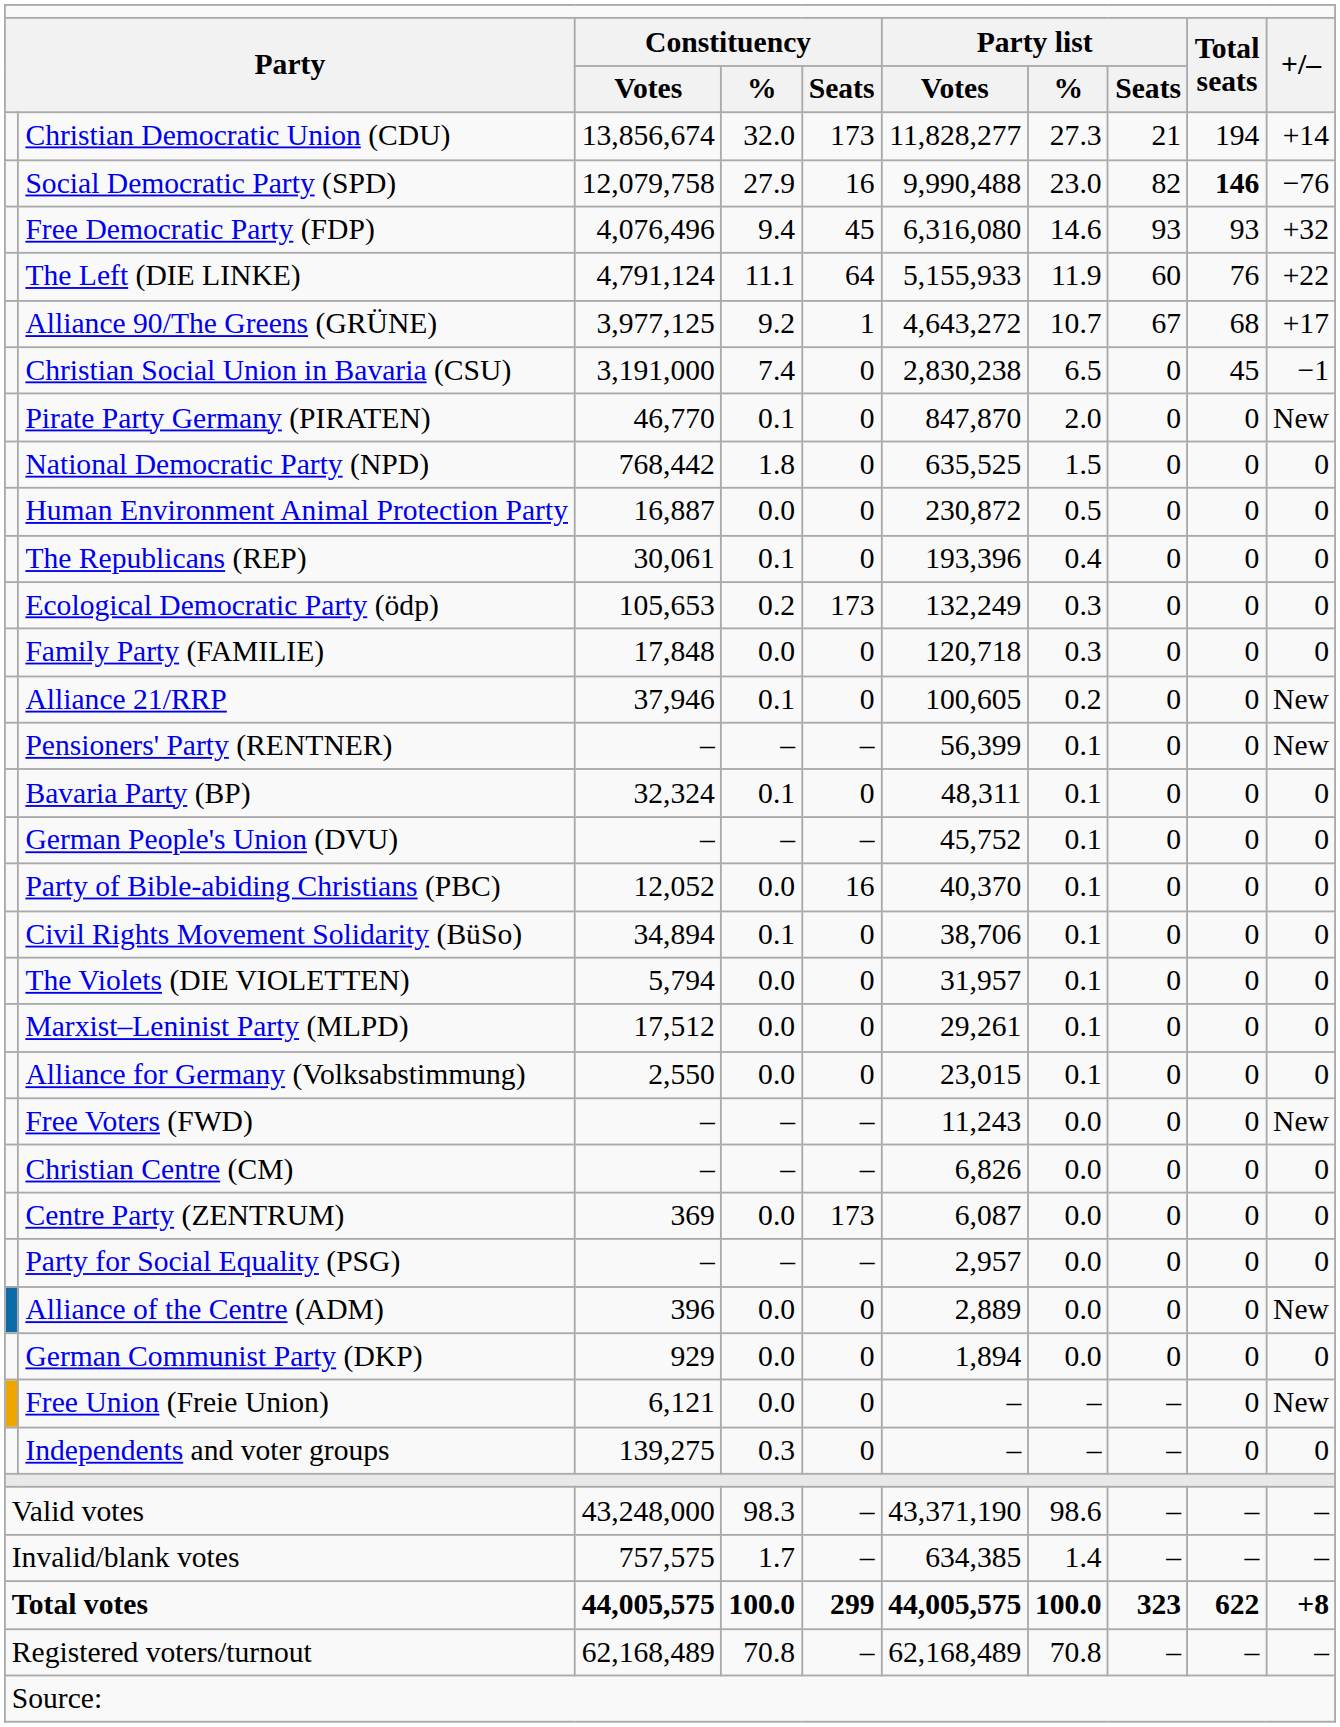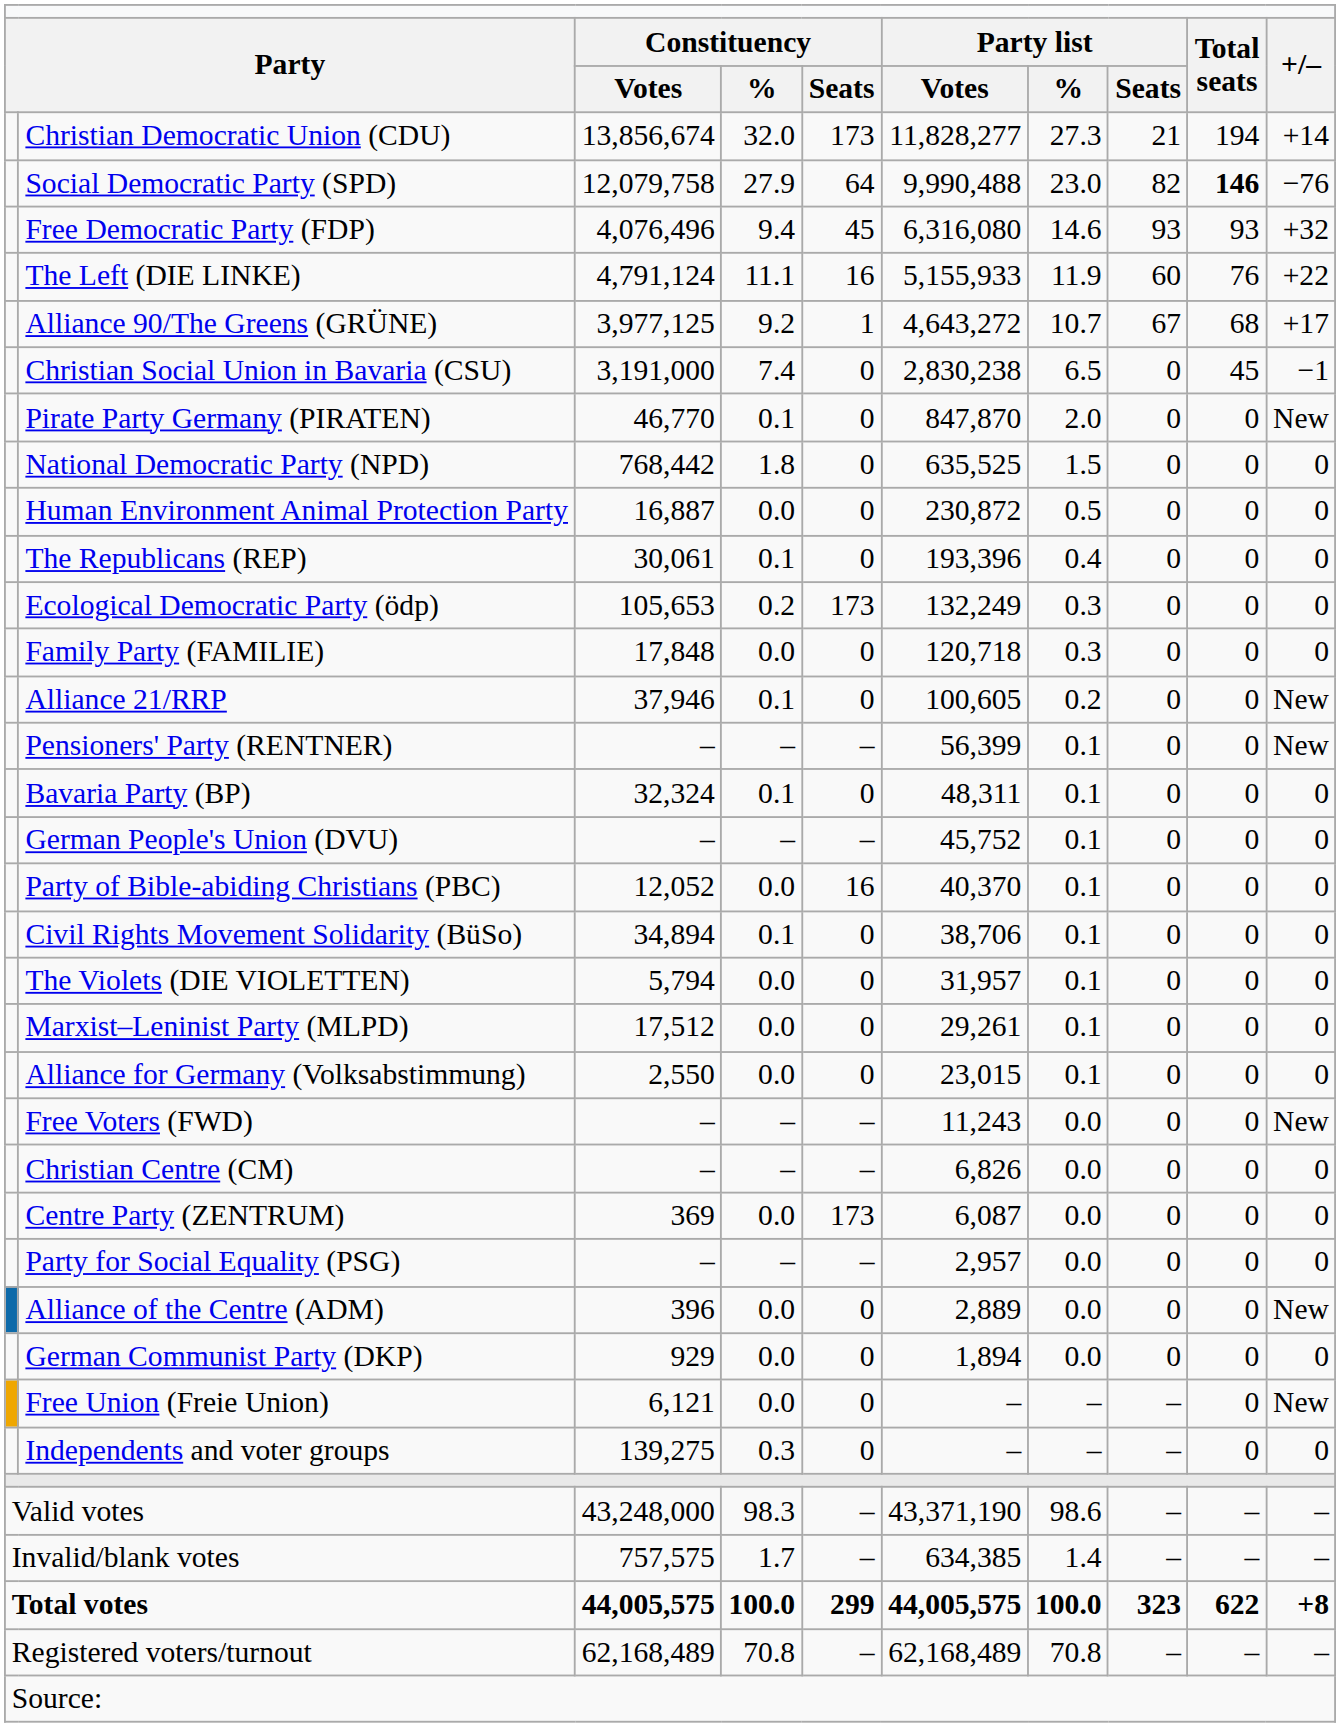 <table class="wikitable sortable" style="text-align:right">
 <tr>
 <th colspan="15" style="background:#F8F9FA;"></th>
 </tr>
 <tr>
 <th colspan="2" rowspan="2">Party</th>
 <th colspan="3">Constituency</th>
 <th colspan="3">Party list</th>
 <th rowspan="2">Total<br>seats</th>
 <th rowspan="2">+/–</th>
 </tr>
 <tr>
 <th>Votes</th>
 <th>%</th>
 <th>Seats</th>
 <th>Votes</th>
 <th>%</th>
 <th>Seats</th>
 </tr>
 <tr>
 <td></td>
 <td align="left"><a href='#'>Christian Democratic Union</a> (CDU)</td>
 <td>13,856,674</td>
 <td>32.0</td>
 <td>173</td>
 <td>11,828,277</td>
 <td>27.3</td>
 <td>21</td>
 <td>194</td>
 <td>+14</td>
 </tr>
 <tr>
 <td></td>
 <td align="left"><a href='#'>Social Democratic Party</a> (SPD)</td>
 <td>12,079,758</td>
 <td>27.9</td>
-<td>16</td>
+<td>64</td>
 <td>9,990,488</td>
 <td>23.0</td>
 <td>82</td>
 <td><strong>146</strong></td>
 <td>−76</td>
 </tr>
 <tr>
 <td></td>
 <td align="left"><a href='#'>Free Democratic Party</a> (FDP)</td>
 <td>4,076,496</td>
 <td>9.4</td>
 <td>45</td>
 <td>6,316,080</td>
 <td>14.6</td>
 <td>93</td>
 <td>93</td>
 <td>+32</td>
 </tr>
 <tr>
 <td></td>
 <td align="left"><a href='#'>The Left</a> (DIE LINKE)</td>
 <td>4,791,124</td>
 <td>11.1</td>
-<td>64</td>
+<td>16</td>
 <td>5,155,933</td>
 <td>11.9</td>
 <td>60</td>
 <td>76</td>
 <td>+22</td>
 </tr>
 <tr>
 <td></td>
 <td align="left"><a href='#'>Alliance 90/The Greens</a> (GRÜNE)</td>
 <td>3,977,125</td>
 <td>9.2</td>
 <td>1</td>
 <td>4,643,272</td>
 <td>10.7</td>
 <td>67</td>
 <td>68</td>
 <td>+17</td>
 </tr>
 <tr>
 <td></td>
 <td align="left"><a href='#'>Christian Social Union in Bavaria</a> (CSU)</td>
 <td>3,191,000</td>
 <td>7.4</td>
 <td>0</td>
 <td>2,830,238</td>
 <td>6.5</td>
 <td>0</td>
 <td>45</td>
 <td>−1</td>
 </tr>
 <tr>
 <td style="background-color:"></td>
 <td align="left"><a href='#'>Pirate Party Germany</a> (PIRATEN)</td>
 <td>46,770</td>
 <td>0.1</td>
 <td>0</td>
 <td>847,870</td>
 <td>2.0</td>
 <td>0</td>
 <td>0</td>
 <td>New</td>
 </tr>
 <tr>
 <td style="background-color:"></td>
 <td align="left"><a href='#'>National Democratic Party</a> (NPD)</td>
 <td>768,442</td>
 <td>1.8</td>
 <td>0</td>
 <td>635,525</td>
 <td>1.5</td>
 <td>0</td>
 <td>0</td>
 <td>0</td>
 </tr>
 <tr>
 <td style="background-color:"></td>
 <td align="left"><a href='#'>Human Environment Animal Protection Party</a></td>
 <td>16,887</td>
 <td>0.0</td>
 <td>0</td>
 <td>230,872</td>
 <td>0.5</td>
 <td>0</td>
 <td>0</td>
 <td>0</td>
 </tr>
 <tr>
 <td style="background-color:"></td>
 <td align="left"><a href='#'>The Republicans</a> (REP)</td>
 <td>30,061</td>
 <td>0.1</td>
 <td>0</td>
 <td>193,396</td>
 <td>0.4</td>
 <td>0</td>
 <td>0</td>
 <td>0</td>
 </tr>
 <tr>
 <td style="background-color:"></td>
 <td align="left"><a href='#'>Ecological Democratic Party</a> (ödp)</td>
 <td>105,653</td>
 <td>0.2</td>
 <td>173</td>
 <td>132,249</td>
 <td>0.3</td>
 <td>0</td>
 <td>0</td>
 <td>0</td>
 </tr>
 <tr>
 <td style="background-color:"></td>
 <td align="left"><a href='#'>Family Party</a> (FAMILIE)</td>
 <td>17,848</td>
 <td>0.0</td>
 <td>0</td>
 <td>120,718</td>
 <td>0.3</td>
 <td>0</td>
 <td>0</td>
 <td>0</td>
 </tr>
 <tr>
 <td style="background-color:"></td>
 <td align="left"><a href='#'>Alliance 21/RRP</a></td>
 <td>37,946</td>
 <td>0.1</td>
 <td>0</td>
 <td>100,605</td>
 <td>0.2</td>
 <td>0</td>
 <td>0</td>
 <td>New</td>
 </tr>
 <tr>
 <td style="background-color:"></td>
 <td align="left"><a href='#'>Pensioners' Party</a> (RENTNER)</td>
 <td>–</td>
 <td>–</td>
 <td>–</td>
 <td>56,399</td>
 <td>0.1</td>
 <td>0</td>
 <td>0</td>
 <td>New</td>
 </tr>
 <tr>
 <td style="background-color:"></td>
 <td align="left"><a href='#'>Bavaria Party</a> (BP)</td>
 <td>32,324</td>
 <td>0.1</td>
 <td>0</td>
 <td>48,311</td>
 <td>0.1</td>
 <td>0</td>
 <td>0</td>
 <td>0</td>
 </tr>
 <tr>
 <td style="background-color:"></td>
 <td align="left"><a href='#'>German People's Union</a> (DVU)</td>
 <td>–</td>
 <td>–</td>
 <td>–</td>
 <td>45,752</td>
 <td>0.1</td>
 <td>0</td>
 <td>0</td>
 <td>0</td>
 </tr>
 <tr>
 <td style="background-color:"></td>
 <td align="left"><a href='#'>Party of Bible-abiding Christians</a> (PBC)</td>
 <td>12,052</td>
 <td>0.0</td>
 <td>16</td>
 <td>40,370</td>
 <td>0.1</td>
 <td>0</td>
 <td>0</td>
 <td>0</td>
 </tr>
 <tr>
 <td style="background-color:"></td>
 <td align="left"><a href='#'>Civil Rights Movement Solidarity</a> (BüSo)</td>
 <td>34,894</td>
 <td>0.1</td>
 <td>0</td>
 <td>38,706</td>
 <td>0.1</td>
 <td>0</td>
 <td>0</td>
 <td>0</td>
 </tr>
 <tr>
 <td style="background-color:"></td>
 <td align="left"><a href='#'>The Violets</a> (DIE VIOLETTEN)</td>
 <td>5,794</td>
 <td>0.0</td>
 <td>0</td>
 <td>31,957</td>
 <td>0.1</td>
 <td>0</td>
 <td>0</td>
 <td>0</td>
 </tr>
 <tr>
 <td style="background-color:"></td>
 <td align="left"><a href='#'>Marxist–Leninist Party</a> (MLPD)</td>
 <td>17,512</td>
 <td>0.0</td>
 <td>0</td>
 <td>29,261</td>
 <td>0.1</td>
 <td>0</td>
 <td>0</td>
 <td>0</td>
 </tr>
 <tr>
 <td style="background-color:"></td>
 <td align="left"><a href='#'>Alliance for Germany</a> (Volksabstimmung)</td>
 <td>2,550</td>
 <td>0.0</td>
 <td>0</td>
 <td>23,015</td>
 <td>0.1</td>
 <td>0</td>
 <td>0</td>
 <td>0</td>
 </tr>
 <tr>
 <td style="background-color:"></td>
 <td align="left"><a href='#'>Free Voters</a> (FWD)</td>
 <td>–</td>
 <td>–</td>
 <td>–</td>
 <td>11,243</td>
 <td>0.0</td>
 <td>0</td>
 <td>0</td>
 <td>New</td>
 </tr>
 <tr>
 <td style="background-color:"></td>
 <td align="left"><a href='#'>Christian Centre</a> (CM)</td>
 <td>–</td>
 <td>–</td>
 <td>–</td>
 <td>6,826</td>
 <td>0.0</td>
 <td>0</td>
 <td>0</td>
 <td>0</td>
 </tr>
 <tr>
 <td style="background-color:"></td>
 <td align="left"><a href='#'>Centre Party</a> (ZENTRUM)</td>
 <td>369</td>
 <td>0.0</td>
 <td>173</td>
 <td>6,087</td>
 <td>0.0</td>
 <td>0</td>
 <td>0</td>
 <td>0</td>
 </tr>
 <tr>
 <td style="background-color:"></td>
 <td align="left"><a href='#'>Party for Social Equality</a> (PSG)</td>
 <td>–</td>
 <td>–</td>
 <td>–</td>
 <td>2,957</td>
 <td>0.0</td>
 <td>0</td>
 <td>0</td>
 <td>0</td>
 </tr>
 <tr>
 <td style="background-color:#0D6AA9"></td>
 <td align="left"><a href='#'>Alliance of the Centre</a> (ADM)</td>
 <td>396</td>
 <td>0.0</td>
 <td>0</td>
 <td>2,889</td>
 <td>0.0</td>
 <td>0</td>
 <td>0</td>
 <td>New</td>
 </tr>
 <tr>
 <td style="background-color:"></td>
 <td align="left"><a href='#'>German Communist Party</a> (DKP)</td>
 <td>929</td>
 <td>0.0</td>
 <td>0</td>
 <td>1,894</td>
 <td>0.0</td>
 <td>0</td>
 <td>0</td>
 <td>0</td>
 </tr>
 <tr>
 <td style="background-color:#EFA700"></td>
 <td align="left"><a href='#'>Free Union</a> (Freie Union)</td>
 <td>6,121</td>
 <td>0.0</td>
 <td>0</td>
 <td>–</td>
 <td>–</td>
 <td>–</td>
 <td>0</td>
 <td>New</td>
 </tr>
 <tr>
 <td style="background-color:"></td>
 <td align="left"><a href='#'>Independents</a> and voter groups</td>
 <td>139,275</td>
 <td>0.3</td>
 <td>0</td>
 <td>–</td>
 <td>–</td>
 <td>–</td>
 <td>0</td>
 <td>0</td>
 </tr>
 <tr class=sortbottom>
 <td colspan="10" style="background: #E9E9E9"></td>
 </tr>
 <tr class=sortbottom>
 <td colspan="2" align="left">Valid votes</td>
 <td>43,248,000</td>
 <td>98.3</td>
 <td>–</td>
 <td>43,371,190</td>
 <td>98.6</td>
 <td>–</td>
 <td>–</td>
 <td>–</td>
 </tr>
 <tr class=sortbottom>
 <td colspan="2" align="left">Invalid/blank votes</td>
 <td>757,575</td>
 <td>1.7</td>
 <td>–</td>
 <td>634,385</td>
 <td>1.4</td>
 <td>–</td>
 <td>–</td>
 <td>–</td>
 </tr>
 <tr class=sortbottom>
 <td colspan="2" align="left"><strong>Total votes</strong></td>
 <td><strong>44,005,575</strong></td>
 <td><strong>100.0</strong></td>
 <td><strong>299</strong></td>
 <td><strong>44,005,575</strong></td>
 <td><strong>100.0</strong></td>
 <td><strong>323</strong></td>
 <td><strong>622</strong></td>
 <td><strong>+8</strong></td>
 </tr>
 <tr class=sortbottom>
 <td colspan="2" align="left">Registered voters/turnout</td>
 <td>62,168,489</td>
 <td>70.8</td>
 <td>–</td>
 <td>62,168,489</td>
 <td>70.8</td>
 <td>–</td>
 <td>–</td>
 <td>–</td>
 </tr>
 <tr class=sortbottom>
 <td colspan="10" align="left">Source: </td>
 </tr>
 </table>
